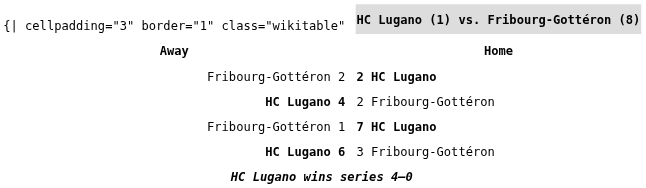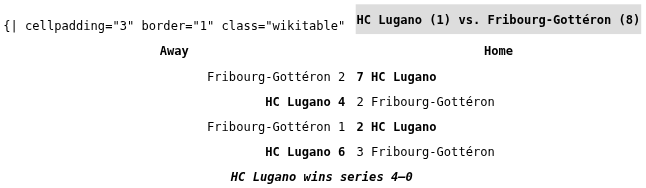 <table cellspacing="10">
 <tr>
 <td valign="top"><br>	{| cellpadding="3" border="1"  class="wikitable"</td>
 <th bgcolor="#DDDDDD" colspan="4">HC Lugano (1) vs. Fribourg-Gottéron (8)</th>
 </tr>
 <tr>
 <th>Away</th>
 <th>Home</th>
 </tr>
 <tr>
 <td align = "right">Fribourg-Gottéron 2</td>
-<td><strong>2 HC Lugano</strong></td>
+<td><strong>7 HC Lugano</strong></td>
 </tr>
 <tr>
 <td align = "right"><strong>HC Lugano 4</strong></td>
 <td>2 Fribourg-Gottéron</td>
 </tr>
 <tr>
 <td align = "right">Fribourg-Gottéron 1</td>
-<td><strong>7 HC Lugano</strong></td>
+<td><strong>2 HC Lugano</strong></td>
 </tr>
 <tr>
 <td align = "right"><strong>HC Lugano 6</strong></td>
 <td>3 Fribourg-Gottéron</td>
 </tr>
 <tr align="center">
 <td colspan="4"><strong><em>HC Lugano wins series 4–0</em></strong></td>
 </tr>
 </table>
